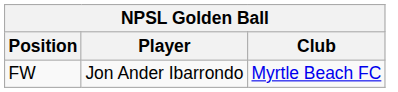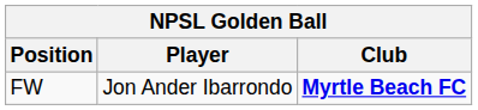 <table class="wikitable">
 <tr>
 <th colspan="3">NPSL Golden Ball</th>
 </tr>
 <tr>
 <th>Position</th>
 <th>Player</th>
 <th>Club</th>
 </tr>
 <tr>
 <td>FW</td>
 <td>Jon Ander Ibarrondo</td>
-<td><a href='#'>Myrtle Beach FC</a></td>
+<td><strong><a href='#'>Myrtle Beach FC</a></strong></td>
 </tr>
 </table>
